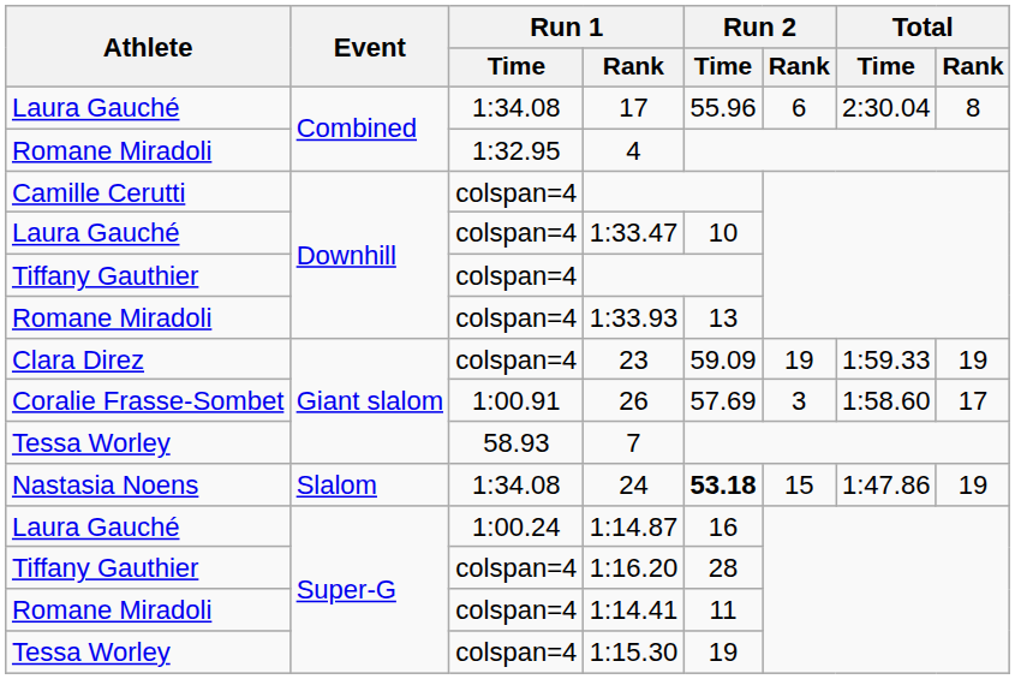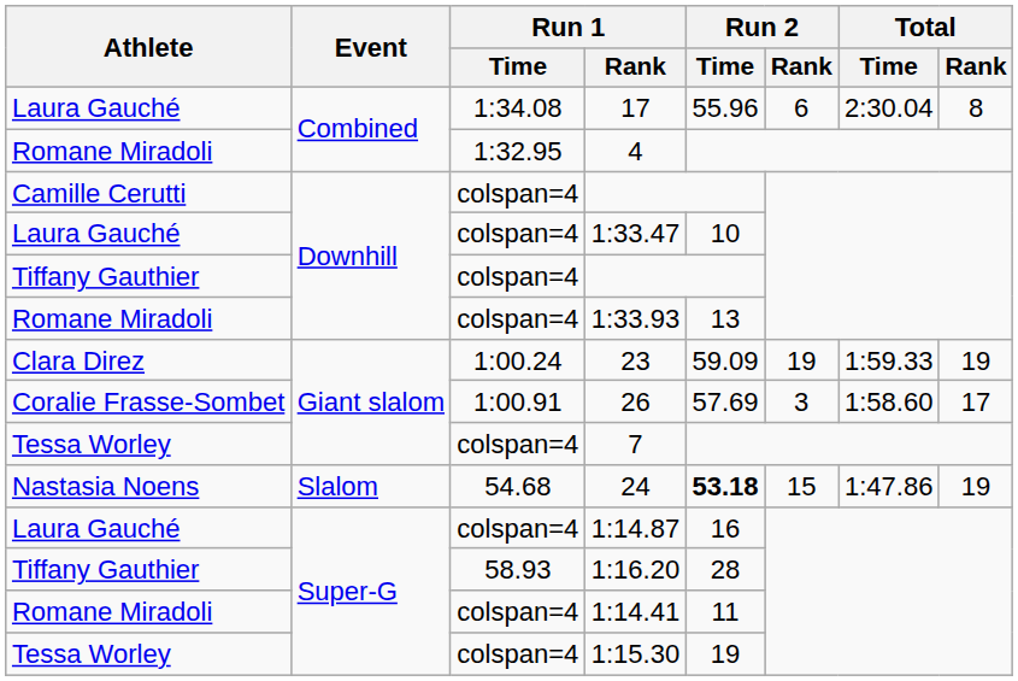 <table class=wikitable style=font-size:90%;text-align:center>
 <tr>
 <th rowspan=2>Athlete</th>
 <th rowspan=2>Event</th>
 <th colspan=2>Run 1</th>
 <th colspan=2>Run 2</th>
 <th colspan=2>Total</th>
 </tr>
 <tr style="font-size:95%">
 <th>Time</th>
 <th>Rank</th>
 <th>Time</th>
 <th>Rank</th>
 <th>Time</th>
 <th>Rank</th>
 </tr>
 <tr>
 <td align=left><a href='#'>Laura Gauché</a></td>
 <td align=left rowspan=2><a href='#'>Combined</a></td>
 <td>1:34.08</td>
 <td>17</td>
 <td>55.96</td>
 <td>6</td>
 <td>2:30.04</td>
 <td>8</td>
 </tr>
 <tr>
 <td align=left><a href='#'>Romane Miradoli</a></td>
 <td>1:32.95</td>
 <td>4</td>
 <td colspan=4></td>
 </tr>
 <tr>
 <td align=left><a href='#'>Camille Cerutti</a></td>
 <td align=left rowspan=4><a href='#'>Downhill</a></td>
 <td>colspan=4 </td>
 <td colspan=2></td>
 </tr>
 <tr>
 <td align=left><a href='#'>Laura Gauché</a></td>
 <td>colspan=4 </td>
 <td>1:33.47</td>
 <td>10</td>
 </tr>
 <tr>
 <td align=left><a href='#'>Tiffany Gauthier</a></td>
 <td>colspan=4 </td>
 <td colspan=2></td>
 </tr>
 <tr>
 <td align=left><a href='#'>Romane Miradoli</a></td>
 <td>colspan=4 </td>
 <td>1:33.93</td>
 <td>13</td>
 </tr>
 <tr>
 <td align=left><a href='#'>Clara Direz</a></td>
 <td align=left rowspan=3><a href='#'>Giant slalom</a></td>
-<td>colspan=4 </td>
+<td>1:00.24</td>
 <td>23</td>
 <td>59.09</td>
 <td>19</td>
 <td>1:59.33</td>
 <td>19</td>
 </tr>
 <tr>
 <td align=left><a href='#'>Coralie Frasse-Sombet</a></td>
 <td>1:00.91</td>
 <td>26</td>
 <td>57.69</td>
 <td>3</td>
 <td>1:58.60</td>
 <td>17</td>
 </tr>
 <tr>
 <td align=left><a href='#'>Tessa Worley</a></td>
-<td>58.93</td>
+<td>colspan=4 </td>
 <td>7</td>
 <td colspan=4></td>
 </tr>
 <tr>
 <td align=left><a href='#'>Nastasia Noens</a></td>
 <td align=left><a href='#'>Slalom</a></td>
-<td>1:34.08</td>
+<td>54.68</td>
 <td>24</td>
 <td><strong>53.18</strong></td>
 <td>15</td>
 <td>1:47.86</td>
 <td>19</td>
 </tr>
 <tr>
 <td align=left><a href='#'>Laura Gauché</a></td>
 <td align=left rowspan=4><a href='#'>Super-G</a></td>
-<td>1:00.24</td>
+<td>colspan=4 </td>
 <td>1:14.87</td>
 <td>16</td>
 </tr>
 <tr>
 <td align=left><a href='#'>Tiffany Gauthier</a></td>
-<td>colspan=4 </td>
+<td>58.93</td>
 <td>1:16.20</td>
 <td>28</td>
 </tr>
 <tr>
 <td align=left><a href='#'>Romane Miradoli</a></td>
 <td>colspan=4 </td>
 <td>1:14.41</td>
 <td>11</td>
 </tr>
 <tr>
 <td align=left><a href='#'>Tessa Worley</a></td>
 <td>colspan=4 </td>
 <td>1:15.30</td>
 <td>19</td>
 </tr>
 </table>
